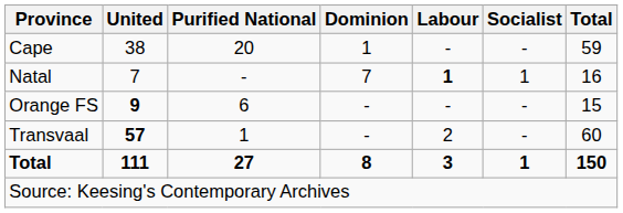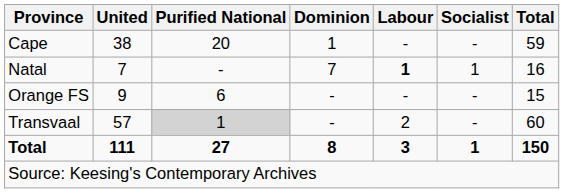 <table class="wikitable">
 <tr>
 <th>Province</th>
 <th>United</th>
 <th>Purified National</th>
 <th>Dominion</th>
 <th>Labour</th>
 <th>Socialist</th>
 <th>Total</th>
 </tr>
 <tr>
 <td>Cape</td>
 <td align="center">38</td>
 <td align="center">20</td>
 <td align="center">1</td>
 <td align="center">-</td>
 <td align="center">-</td>
 <td align="center">59</td>
 </tr>
 <tr>
 <td>Natal</td>
 <td align="center">7</td>
 <td align="center">-</td>
 <td align="center">7</td>
 <td align="center"><strong>1</strong></td>
 <td align="center">1</td>
 <td align="center">16</td>
 </tr>
 <tr>
 <td>Orange FS</td>
-<td align="center"><strong>9</strong></td>
+<td align="center">9</td>
 <td align="center">6</td>
 <td align="center">-</td>
 <td align="center">-</td>
 <td align="center">-</td>
 <td align="center">15</td>
 </tr>
 <tr>
 <td>Transvaal</td>
-<td align="center"><strong>57</strong></td>
-<td align="center">1</td>
+<td align="center">57</td>
+<td align="center" style="background: lightgrey;">1</td>
 <td align="center">-</td>
 <td align="center">2</td>
 <td align="center">-</td>
 <td align="center">60</td>
 </tr>
 <tr>
 <td><strong>Total</strong></td>
 <td align="center"><strong>111</strong></td>
 <td align="center"><strong>27</strong></td>
 <td align="center"><strong>8</strong></td>
 <td align="center"><strong>3</strong></td>
 <td align="center"><strong>1</strong></td>
 <td align="center"><strong>150</strong></td>
 </tr>
 <tr>
 <td align=left colspan=7>Source: Keesing's Contemporary Archives</td>
 </tr>
 </table>
